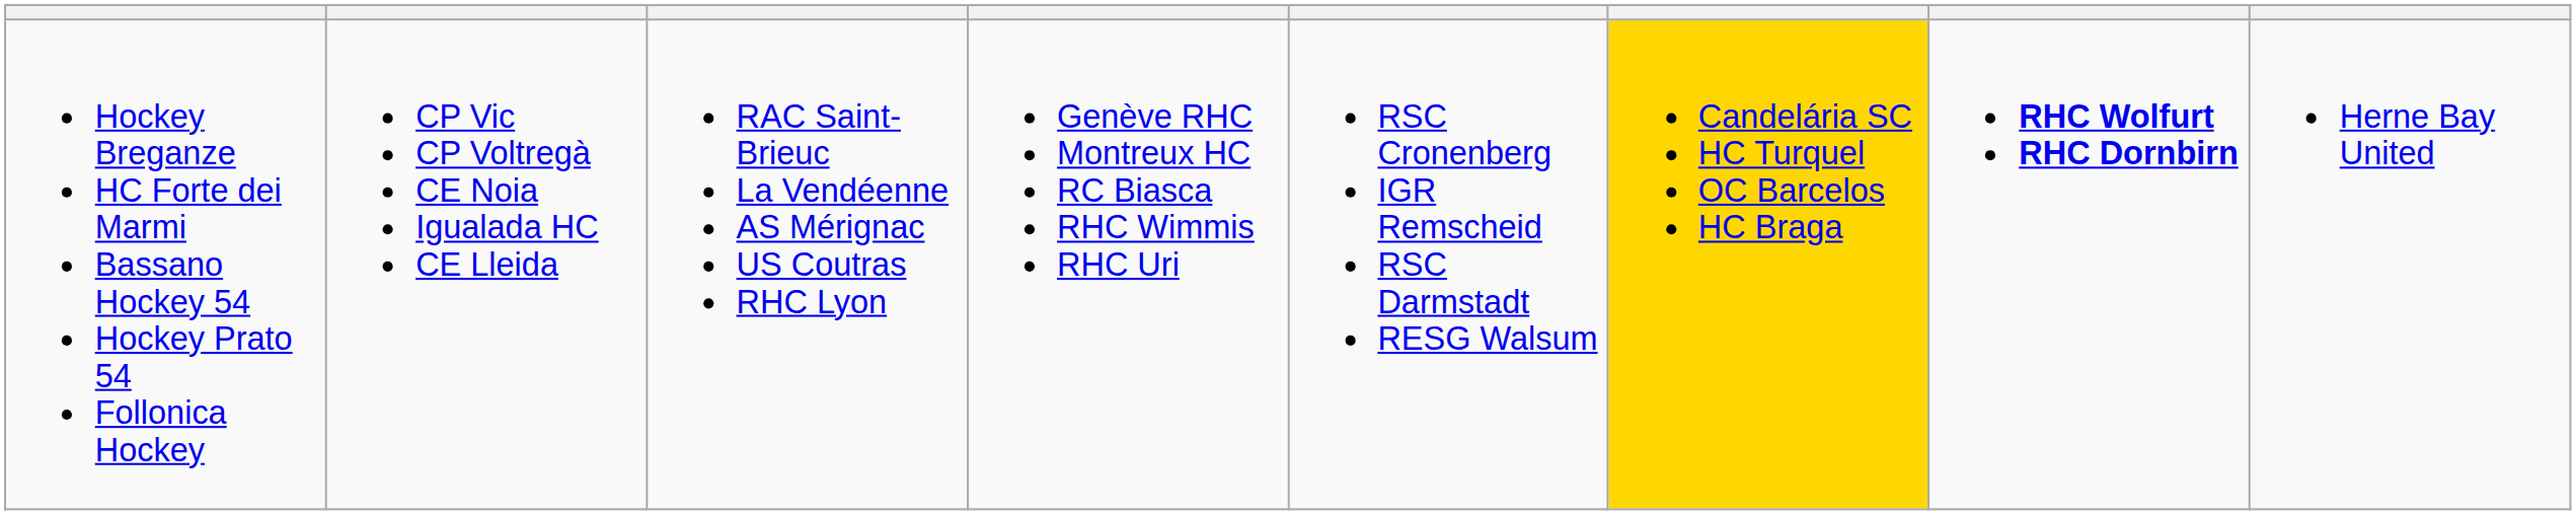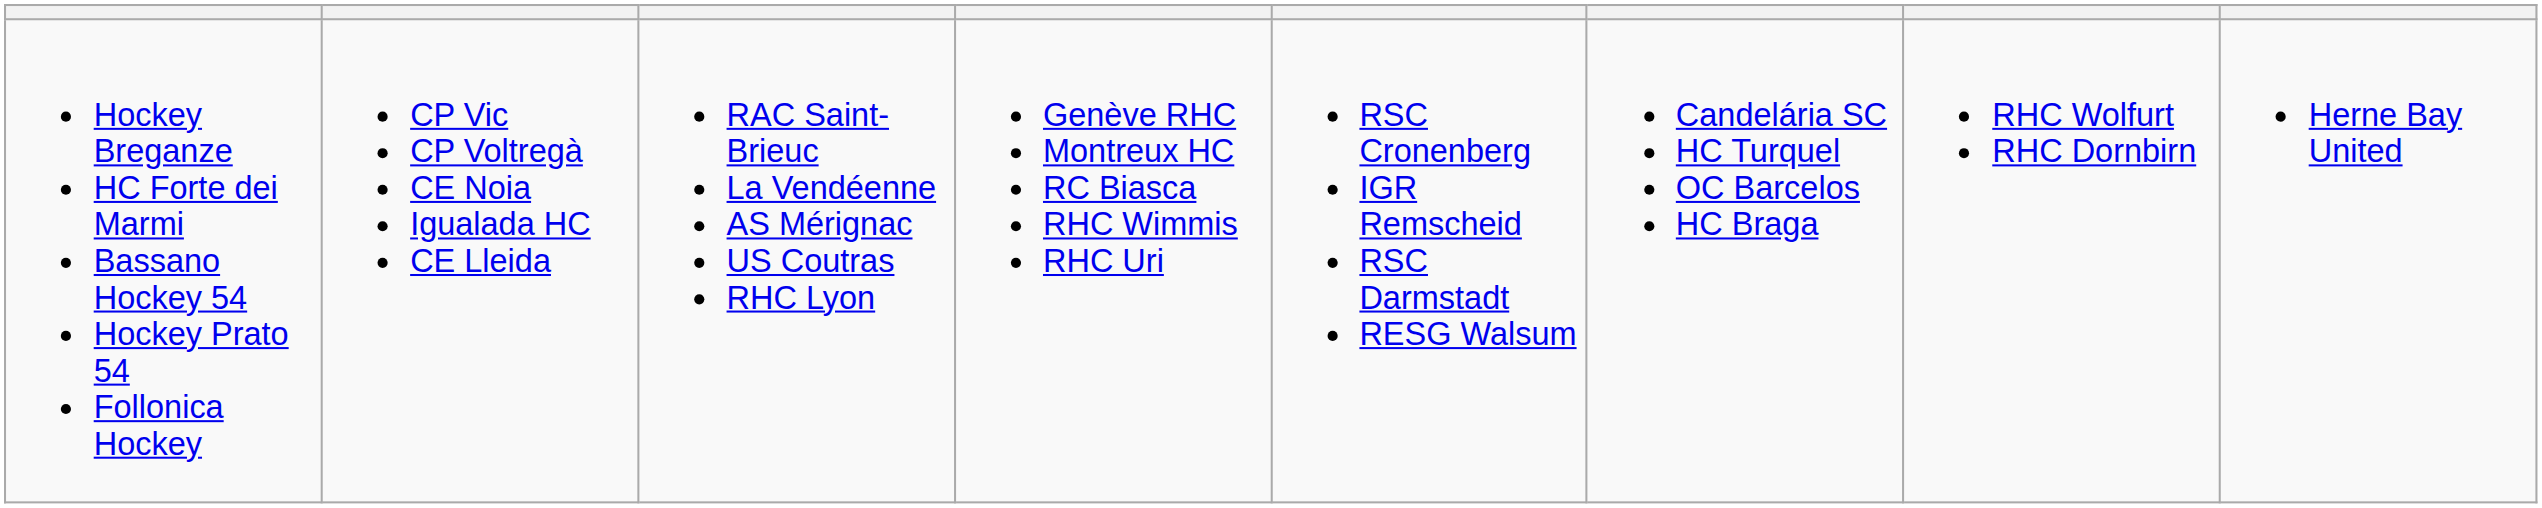 <table class="wikitable">
 <tr>
 <th width=12.5%></th>
 <th width=12.5%></th>
 <th width=12.5%></th>
 <th width=12.5%></th>
 <th width=12.5%></th>
 <th width=12.5%></th>
 <th width=12.5%></th>
 <th width=12.5%></th>
 </tr>
 <tr>
 <td valign=top><br><ul><li><a href='#'>Hockey Breganze</a></li><li><a href='#'>HC Forte dei Marmi</a></li><li><a href='#'>Bassano Hockey 54</a></li><li><a href='#'>Hockey Prato 54</a></li><li><a href='#'>Follonica Hockey</a></li></ul></td>
 <td valign=top><br><ul><li><a href='#'>CP Vic</a></li><li><a href='#'>CP Voltregà</a></li><li><a href='#'>CE Noia</a></li><li><a href='#'>Igualada HC</a></li><li><a href='#'>CE Lleida</a></li></ul></td>
 <td valign=top><br><ul><li><a href='#'>RAC Saint-Brieuc</a></li><li><a href='#'>La Vendéenne</a></li><li><a href='#'>AS Mérignac</a></li><li><a href='#'>US Coutras</a></li><li><a href='#'>RHC Lyon</a></li></ul></td>
 <td valign=top><br><ul><li><a href='#'>Genève RHC</a></li><li><a href='#'>Montreux HC</a></li><li><a href='#'>RC Biasca</a></li><li><a href='#'>RHC Wimmis</a></li><li><a href='#'>RHC Uri</a></li></ul></td>
 <td valign=top><br><ul><li><a href='#'>RSC Cronenberg</a></li><li><a href='#'>IGR Remscheid</a></li><li><a href='#'>RSC Darmstadt</a></li><li><a href='#'>RESG Walsum</a></li></ul></td>
-<td valign=top style="background: gold;"><br><ul><li><a href='#'>Candelária SC</a></li><li><a href='#'>HC Turquel</a></li><li><a href='#'>OC Barcelos</a></li><li><a href='#'>HC Braga</a></li></ul></td>
-<td valign=top><strong><br><ul><li><a href='#'>RHC Wolfurt</a></li><li><a href='#'>RHC Dornbirn</a></li></ul></strong></td>
+<td valign=top><br><ul><li><a href='#'>Candelária SC</a></li><li><a href='#'>HC Turquel</a></li><li><a href='#'>OC Barcelos</a></li><li><a href='#'>HC Braga</a></li></ul></td>
+<td valign=top><br><ul><li><a href='#'>RHC Wolfurt</a></li><li><a href='#'>RHC Dornbirn</a></li></ul></td>
 <td valign=top><br><ul><li><a href='#'>Herne Bay United</a></li></ul></td>
 </tr>
 </table>
